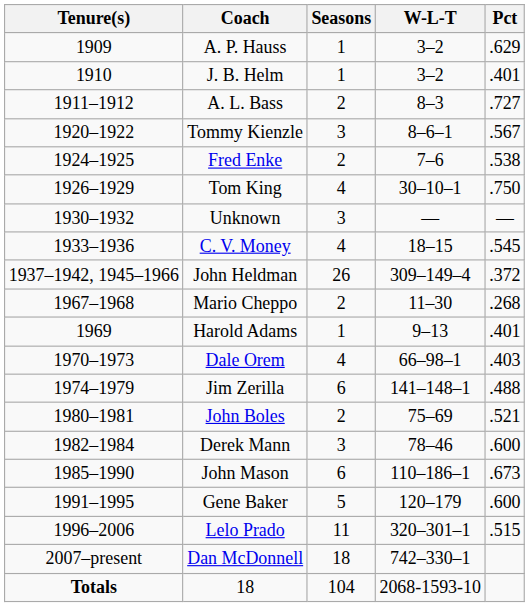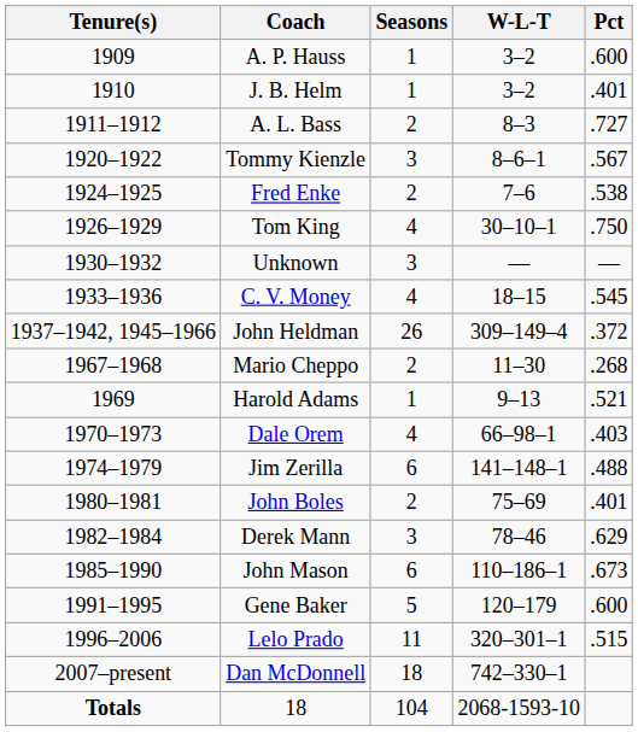 <table class= "wikitable">
 <tr>
 <th>Tenure(s)</th>
 <th>Coach</th>
 <th>Seasons</th>
 <th>W-L-T</th>
 <th>Pct</th>
 </tr>
 <tr style="text-align:center;">
 <td>1909</td>
 <td>A. P. Hauss</td>
 <td>1</td>
 <td>3–2</td>
-<td>.629</td>
+<td>.600</td>
 </tr>
 <tr style="text-align:center;">
 <td>1910</td>
 <td>J. B. Helm</td>
 <td>1</td>
 <td>3–2</td>
 <td>.401</td>
 </tr>
 <tr style="text-align:center;">
 <td>1911–1912</td>
 <td>A. L. Bass</td>
 <td>2</td>
 <td>8–3</td>
 <td>.727</td>
 </tr>
 <tr style="text-align:center;">
 <td>1920–1922</td>
 <td>Tommy Kienzle</td>
 <td>3</td>
 <td>8–6–1</td>
 <td>.567</td>
 </tr>
 <tr style="text-align:center;">
 <td>1924–1925</td>
 <td><a href='#'>Fred Enke</a></td>
 <td>2</td>
 <td>7–6</td>
 <td>.538</td>
 </tr>
 <tr style="text-align:center;">
 <td>1926–1929</td>
 <td>Tom King</td>
 <td>4</td>
 <td>30–10–1</td>
 <td>.750</td>
 </tr>
 <tr style="text-align:center;">
 <td>1930–1932</td>
 <td>Unknown</td>
 <td>3</td>
 <td>—</td>
 <td>—</td>
 </tr>
 <tr style="text-align:center;">
 <td>1933–1936</td>
 <td><a href='#'>C. V. Money</a></td>
 <td>4</td>
 <td>18–15</td>
 <td>.545</td>
 </tr>
 <tr style="text-align:center;">
 <td>1937–1942, 1945–1966</td>
 <td>John Heldman</td>
 <td>26</td>
 <td>309–149–4</td>
 <td>.372</td>
 </tr>
 <tr style="text-align:center;">
 <td>1967–1968</td>
 <td>Mario Cheppo</td>
 <td>2</td>
 <td>11–30</td>
 <td>.268</td>
 </tr>
 <tr style="text-align:center;">
 <td>1969</td>
 <td>Harold Adams</td>
 <td>1</td>
 <td>9–13</td>
-<td>.401</td>
+<td>.521</td>
 </tr>
 <tr style="text-align:center;">
 <td>1970–1973</td>
 <td><a href='#'>Dale Orem</a></td>
 <td>4</td>
 <td>66–98–1</td>
 <td>.403</td>
 </tr>
 <tr style="text-align:center;">
 <td>1974–1979</td>
 <td>Jim Zerilla</td>
 <td>6</td>
 <td>141–148–1</td>
 <td>.488</td>
 </tr>
 <tr style="text-align:center;">
 <td>1980–1981</td>
 <td><a href='#'>John Boles</a></td>
 <td>2</td>
 <td>75–69</td>
-<td>.521</td>
+<td>.401</td>
 </tr>
 <tr style="text-align:center;">
 <td>1982–1984</td>
 <td>Derek Mann</td>
 <td>3</td>
 <td>78–46</td>
-<td>.600</td>
+<td>.629</td>
 </tr>
 <tr style="text-align:center;">
 <td>1985–1990</td>
 <td>John Mason</td>
 <td>6</td>
 <td>110–186–1</td>
 <td>.673</td>
 </tr>
 <tr style="text-align:center;">
 <td>1991–1995</td>
 <td>Gene Baker</td>
 <td>5</td>
 <td>120–179</td>
 <td>.600</td>
 </tr>
 <tr style="text-align:center;">
 <td>1996–2006</td>
 <td><a href='#'>Lelo Prado</a></td>
 <td>11</td>
 <td>320–301–1</td>
 <td>.515</td>
 </tr>
 <tr style="text-align:center;">
 <td>2007–present</td>
 <td><a href='#'>Dan McDonnell</a></td>
 <td>18</td>
 <td>742–330–1</td>
 <td></td>
 </tr>
 <tr style="text-align:center; ">
 <td><strong>Totals</strong></td>
 <td>18</td>
 <td>104</td>
 <td>2068-1593-10</td>
 <td></td>
 </tr>
 </table>
